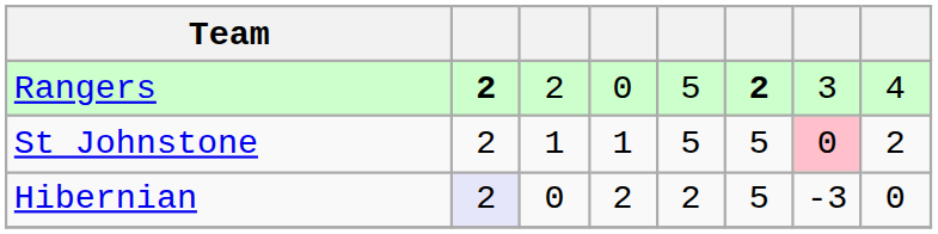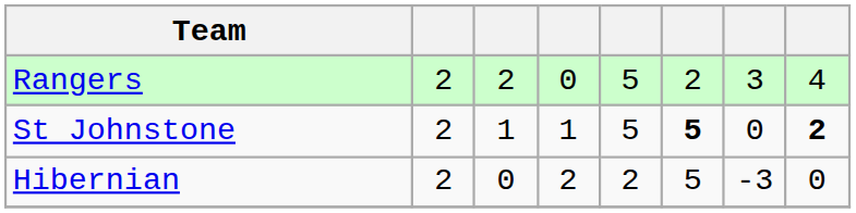 <table class="wikitable" style="text-align:center;">
 <tr>
 <th width=165>Team</th>
 <th width=20></th>
 <th width=20></th>
 <th width=20></th>
 <th width=20></th>
 <th width=20></th>
 <th width=20></th>
 <th width=20></th>
 </tr>
 <tr style="background:#cfc;">
 <td align="left"><a href='#'>Rangers</a></td>
-<td><strong>2</strong></td>
+<td>2</td>
 <td>2</td>
 <td>0</td>
 <td>5</td>
-<td><strong>2</strong></td>
+<td>2</td>
 <td>3</td>
 <td>4</td>
 </tr>
 <tr>
 <td align="left"><a href='#'>St Johnstone</a></td>
 <td>2</td>
 <td>1</td>
 <td>1</td>
 <td>5</td>
-<td>5</td>
-<td style="background: pink;">0</td>
-<td>2</td>
+<td><strong>5</strong></td>
+<td>0</td>
+<td><strong>2</strong></td>
 </tr>
 <tr>
 <td align="left"><a href='#'>Hibernian</a></td>
-<td style="background: lavender;">2</td>
+<td>2</td>
 <td>0</td>
 <td>2</td>
 <td>2</td>
 <td>5</td>
 <td>-3</td>
 <td>0</td>
 </tr>
 <tr>
 </tr>
 </table>
